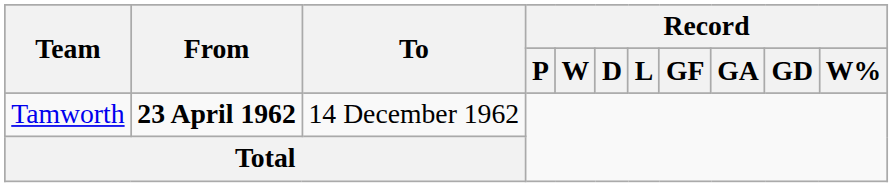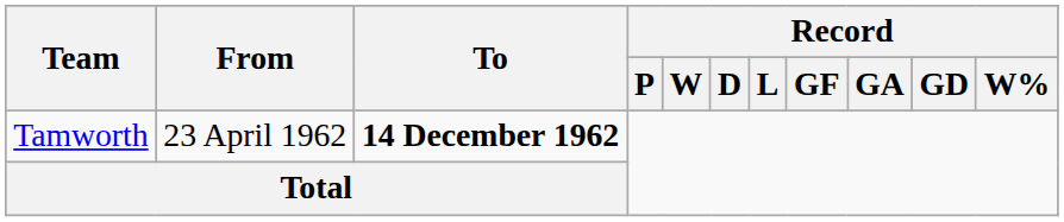 <table class="wikitable" style="text-align: center">
 <tr>
 <th rowspan="2">Team</th>
 <th rowspan="2">From</th>
 <th rowspan="2">To</th>
 <th colspan="8">Record</th>
 </tr>
 <tr>
 <th>P</th>
 <th>W</th>
 <th>D</th>
 <th>L</th>
 <th>GF</th>
 <th>GA</th>
 <th>GD</th>
 <th>W%</th>
 </tr>
 <tr>
 <td align=left><a href='#'>Tamworth</a></td>
-<td align=left><strong>23 April 1962</strong></td>
-<td align=left>14 December 1962<br></td>
+<td align=left>23 April 1962</td>
+<td align=left><strong>14 December 1962<br></strong></td>
 </tr>
 <tr>
 <th colspan=3>Total<br></th>
 </tr>
 </table>
